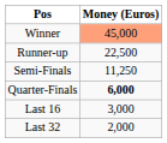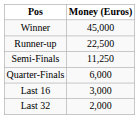 <table class="wikitable" style="text-align: center;">
 <tr>
 <th style="background:#ffffff; color:#000000;">Pos</th>
 <th style="background:#ffffff; color:#000000;">Money (Euros)</th>
 </tr>
 <tr>
 <td>Winner</td>
-<td style="background: lightsalmon;">45,000</td>
+<td>45,000</td>
 </tr>
 <tr>
 <td>Runner-up</td>
 <td>22,500</td>
 </tr>
 <tr>
 <td>Semi-Finals</td>
 <td>11,250</td>
 </tr>
 <tr>
 <td>Quarter-Finals</td>
-<td><strong>6,000</strong></td>
+<td>6,000</td>
 </tr>
 <tr>
 <td>Last 16</td>
 <td>3,000</td>
 </tr>
 <tr>
 <td>Last 32</td>
 <td>2,000</td>
 </tr>
 </table>
